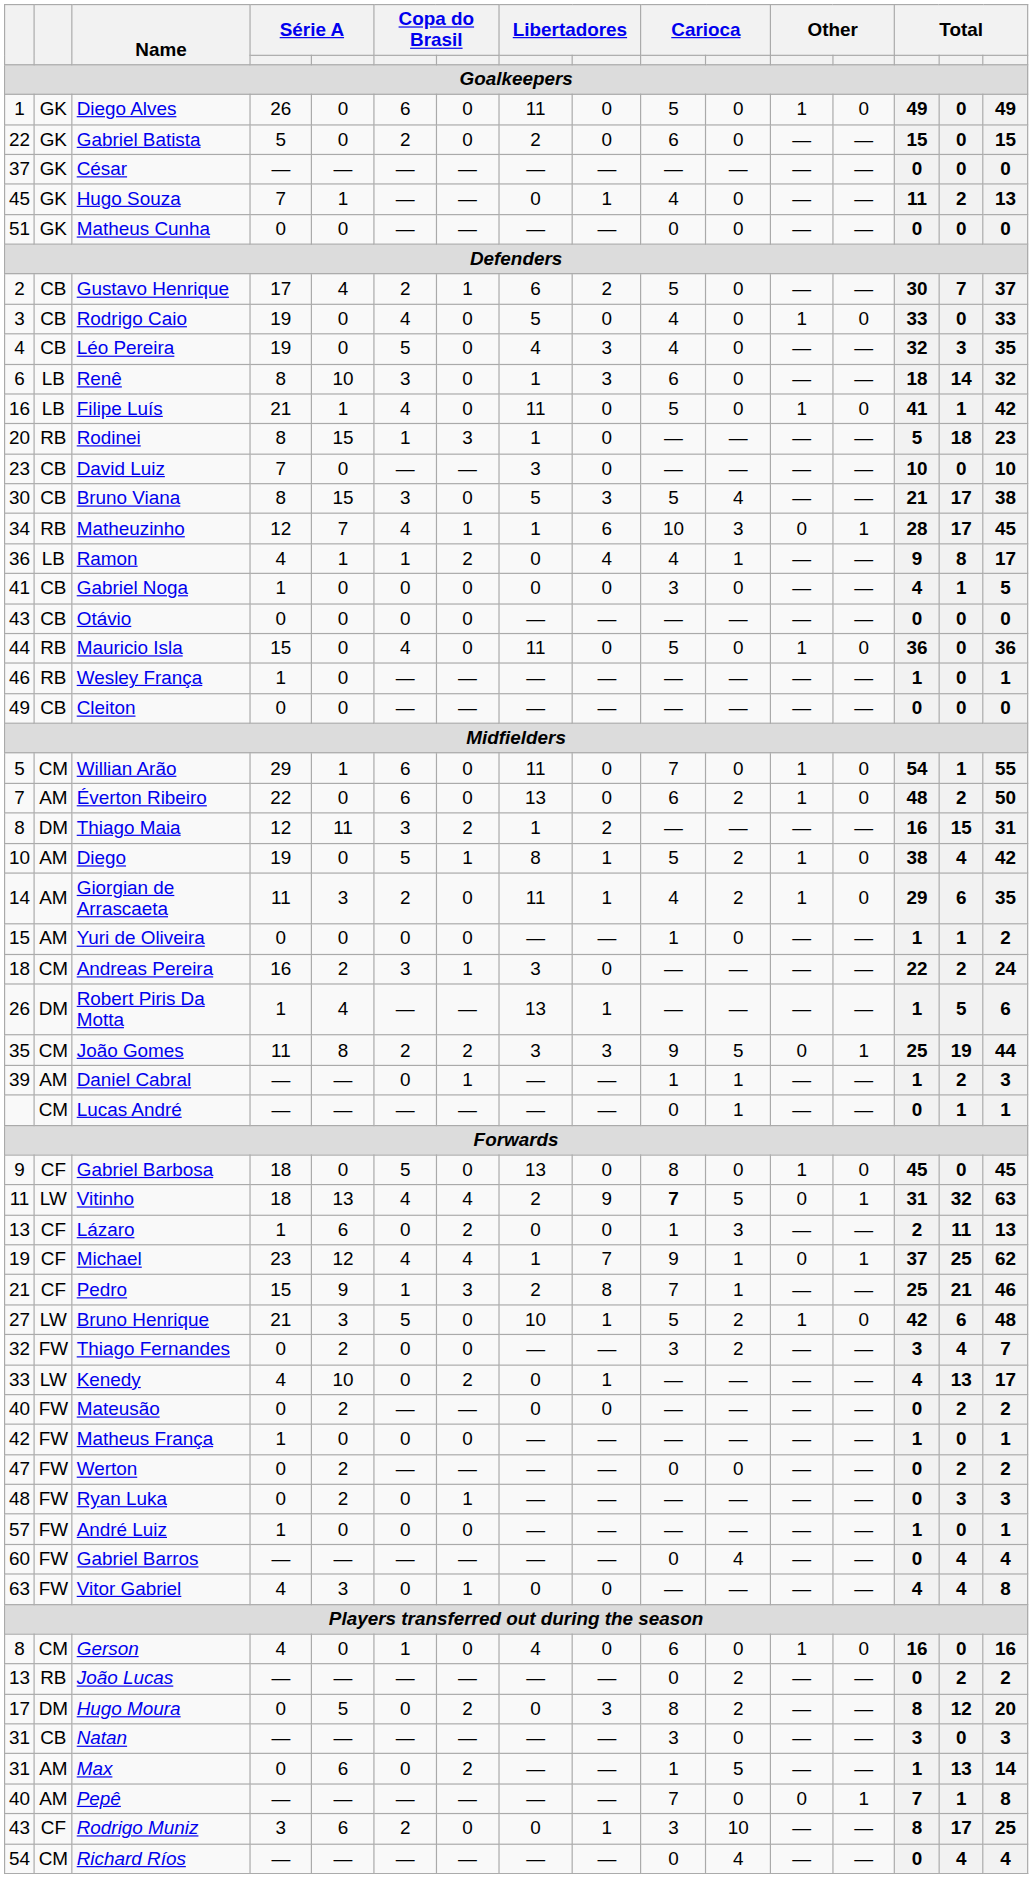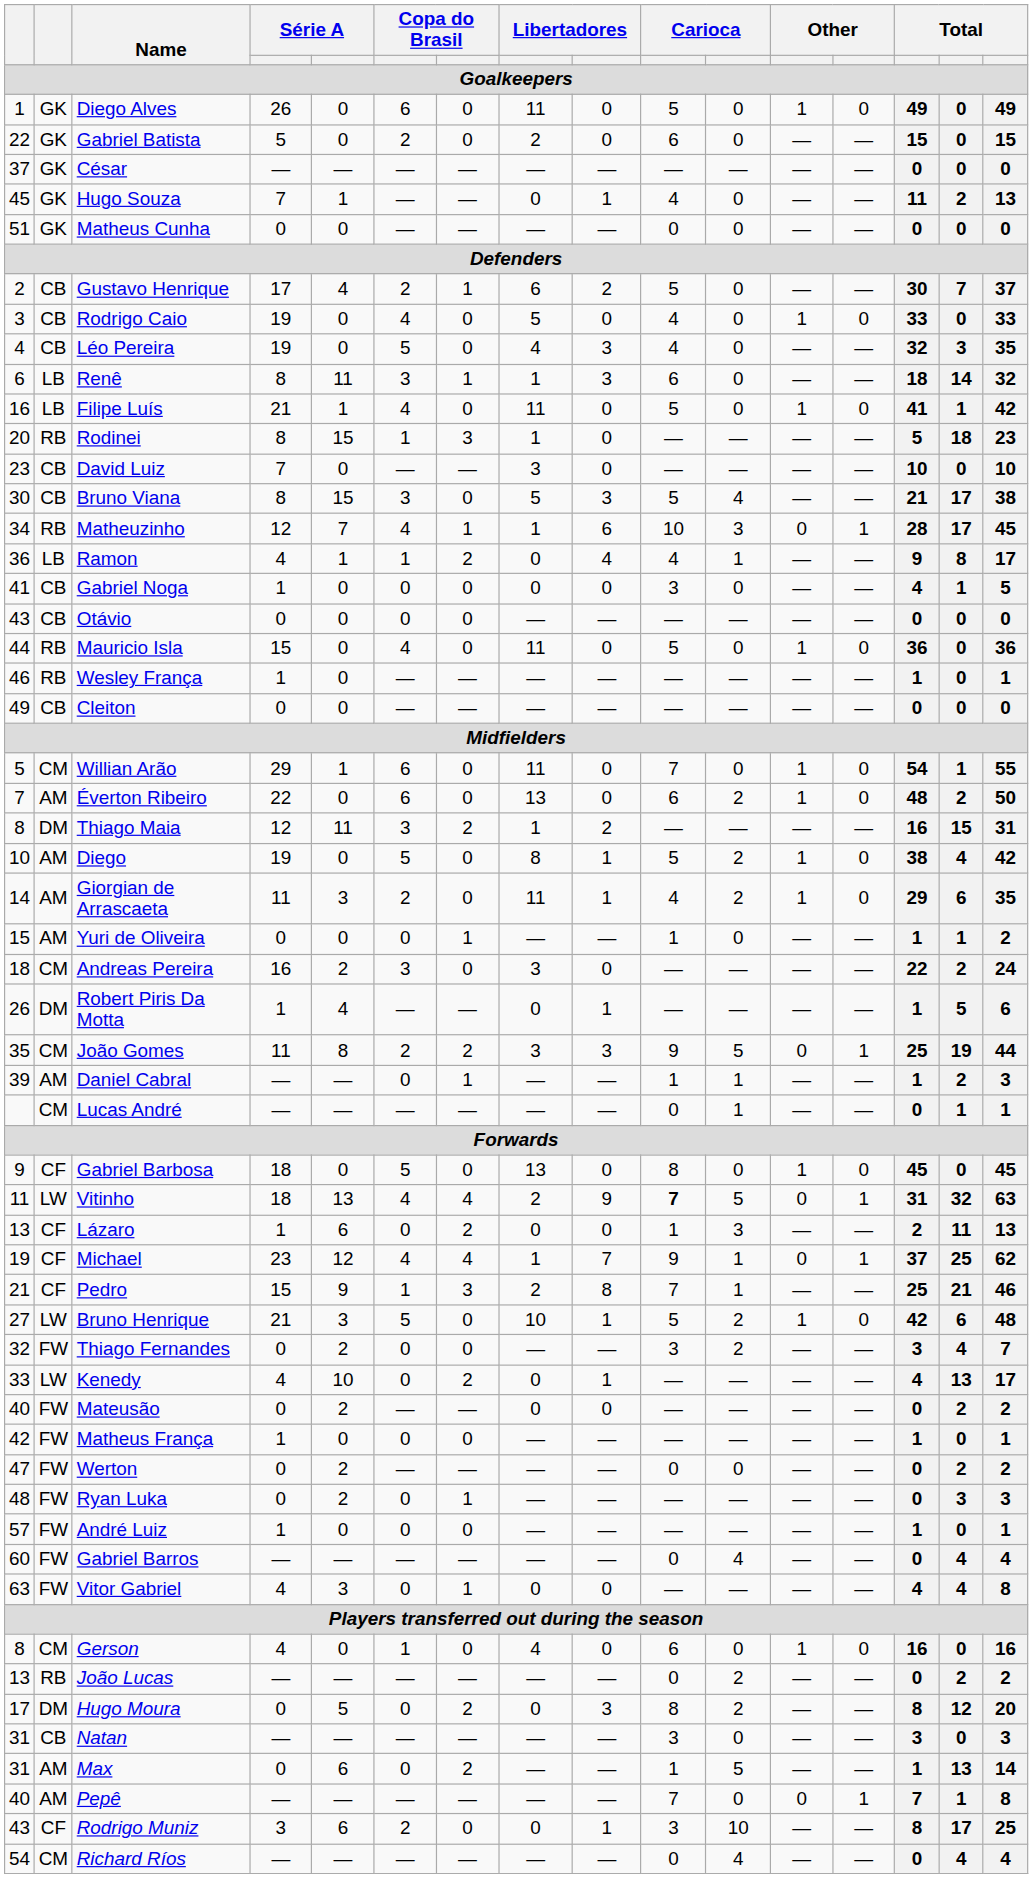 <table class="wikitable sortable" style="text-align:center">
 <tr>
 <th rowspan="2" style="vertical-align:bottom;"></th>
 <th rowspan="2" style="vertical-align:bottom;"></th>
 <th rowspan="2" style="vertical-align:bottom;">Name</th>
 <th colspan="2" style="width:120px;"><a href='#'>Série A</a></th>
 <th colspan="2" style="width:120px;"><a href='#'>Copa do Brasil</a></th>
 <th colspan="2" style="width:120px;"><a href='#'>Libertadores</a></th>
 <th colspan="2" style="width:120px;"><a href='#'>Carioca</a></th>
 <th colspan="2" style="width:120px;">Other</th>
 <th colspan="3" style="width:120px;">Total</th>
 </tr>
 <tr>
 <th></th>
 <th></th>
 <th></th>
 <th></th>
 <th></th>
 <th></th>
 <th></th>
 <th></th>
 <th></th>
 <th></th>
 <th></th>
 <th></th>
 <th></th>
 </tr>
 <tr>
 <th colspan=16 style=background:#dcdcdc; text-align:center><em>Goalkeepers</em></th>
 </tr>
 <tr>
 <td>1</td>
 <td>GK</td>
 <td align="left"> <a href='#'>Diego Alves</a></td>
 <td>26</td>
 <td>0</td>
 <td>6</td>
 <td>0</td>
 <td>11</td>
 <td>0</td>
 <td>5</td>
 <td>0</td>
 <td>1</td>
 <td>0</td>
 <th>49</th>
 <th>0</th>
 <th>49</th>
 </tr>
 <tr>
 <td>22</td>
 <td>GK</td>
 <td align="left"> <a href='#'>Gabriel Batista</a></td>
 <td>5</td>
 <td>0</td>
 <td>2</td>
 <td>0</td>
 <td>2</td>
 <td>0</td>
 <td>6</td>
 <td>0</td>
 <td>—</td>
 <td>—</td>
 <th>15</th>
 <th>0</th>
 <th>15</th>
 </tr>
 <tr>
 <td>37</td>
 <td>GK</td>
 <td align="left"> <a href='#'>César</a></td>
 <td>—</td>
 <td>—</td>
 <td>—</td>
 <td>—</td>
 <td>—</td>
 <td>—</td>
 <td>—</td>
 <td>—</td>
 <td>—</td>
 <td>—</td>
 <th>0</th>
 <th>0</th>
 <th>0</th>
 </tr>
 <tr>
 <td>45</td>
 <td>GK</td>
 <td align="left"> <a href='#'>Hugo Souza</a></td>
 <td>7</td>
 <td>1</td>
 <td>—</td>
 <td>—</td>
 <td>0</td>
 <td>1</td>
 <td>4</td>
 <td>0</td>
 <td>—</td>
 <td>—</td>
 <th>11</th>
 <th>2</th>
 <th>13</th>
 </tr>
 <tr>
 <td>51</td>
 <td>GK</td>
 <td align="left"> <a href='#'>Matheus Cunha</a></td>
 <td>0</td>
 <td>0</td>
 <td>—</td>
 <td>—</td>
 <td>—</td>
 <td>—</td>
 <td>0</td>
 <td>0</td>
 <td>—</td>
 <td>—</td>
 <th>0</th>
 <th>0</th>
 <th>0</th>
 </tr>
 <tr>
 <th colspan="16" style="background:#dcdcdc;" text-align:center><em>Defenders</em></th>
 </tr>
 <tr>
 <td>2</td>
 <td>CB</td>
 <td align="left"> <a href='#'>Gustavo Henrique</a></td>
 <td>17</td>
 <td>4</td>
 <td>2</td>
 <td>1</td>
 <td>6</td>
 <td>2</td>
 <td>5</td>
 <td>0</td>
 <td>—</td>
 <td>—</td>
 <th>30</th>
 <th>7</th>
 <th>37</th>
 </tr>
 <tr>
 <td>3</td>
 <td>CB</td>
 <td align="left"> <a href='#'>Rodrigo Caio</a></td>
 <td>19</td>
 <td>0</td>
 <td>4</td>
 <td>0</td>
 <td>5</td>
 <td>0</td>
 <td>4</td>
 <td>0</td>
 <td>1</td>
 <td>0</td>
 <th>33</th>
 <th>0</th>
 <th>33</th>
 </tr>
 <tr>
 <td>4</td>
 <td>CB</td>
 <td align="left"> <a href='#'>Léo Pereira</a></td>
 <td>19</td>
 <td>0</td>
 <td>5</td>
 <td>0</td>
 <td>4</td>
 <td>3</td>
 <td>4</td>
 <td>0</td>
 <td>—</td>
 <td>—</td>
 <th>32</th>
 <th>3</th>
 <th>35</th>
 </tr>
 <tr>
 <td>6</td>
 <td>LB</td>
 <td align="left"> <a href='#'>Renê</a></td>
 <td>8</td>
-<td>10</td>
+<td>11</td>
 <td>3</td>
-<td>0</td>
+<td>1</td>
 <td>1</td>
 <td>3</td>
 <td>6</td>
 <td>0</td>
 <td>—</td>
 <td>—</td>
 <th>18</th>
 <th>14</th>
 <th>32</th>
 </tr>
 <tr>
 <td>16</td>
 <td>LB</td>
 <td align="left"> <a href='#'>Filipe Luís</a></td>
 <td>21</td>
 <td>1</td>
 <td>4</td>
 <td>0</td>
 <td>11</td>
 <td>0</td>
 <td>5</td>
 <td>0</td>
 <td>1</td>
 <td>0</td>
 <th>41</th>
 <th>1</th>
 <th>42</th>
 </tr>
 <tr>
 <td>20</td>
 <td>RB</td>
 <td align="left"> <a href='#'>Rodinei</a></td>
 <td>8</td>
 <td>15</td>
 <td>1</td>
 <td>3</td>
 <td>1</td>
 <td>0</td>
 <td>—</td>
 <td>—</td>
 <td>—</td>
 <td>—</td>
 <th>5</th>
 <th>18</th>
 <th>23</th>
 </tr>
 <tr>
 <td>23</td>
 <td>CB</td>
 <td align="left"> <a href='#'>David Luiz</a></td>
 <td>7</td>
 <td>0</td>
 <td>—</td>
 <td>—</td>
 <td>3</td>
 <td>0</td>
 <td>—</td>
 <td>—</td>
 <td>—</td>
 <td>—</td>
 <th>10</th>
 <th>0</th>
 <th>10</th>
 </tr>
 <tr>
 <td>30</td>
 <td>CB</td>
 <td align="left"> <a href='#'>Bruno Viana</a></td>
 <td>8</td>
 <td>15</td>
 <td>3</td>
 <td>0</td>
 <td>5</td>
 <td>3</td>
 <td>5</td>
 <td>4</td>
 <td>—</td>
 <td>—</td>
 <th>21</th>
 <th>17</th>
 <th>38</th>
 </tr>
 <tr>
 <td>34</td>
 <td>RB</td>
 <td align="left"> <a href='#'>Matheuzinho</a></td>
 <td>12</td>
 <td>7</td>
 <td>4</td>
 <td>1</td>
 <td>1</td>
 <td>6</td>
 <td>10</td>
 <td>3</td>
 <td>0</td>
 <td>1</td>
 <th>28</th>
 <th>17</th>
 <th>45</th>
 </tr>
 <tr>
 <td>36</td>
 <td>LB</td>
 <td align="left"> <a href='#'>Ramon</a></td>
 <td>4</td>
 <td>1</td>
 <td>1</td>
 <td>2</td>
 <td>0</td>
 <td>4</td>
 <td>4</td>
 <td>1</td>
 <td>—</td>
 <td>—</td>
 <th>9</th>
 <th>8</th>
 <th>17</th>
 </tr>
 <tr>
 <td>41</td>
 <td>CB</td>
 <td align="left"> <a href='#'>Gabriel Noga</a></td>
 <td>1</td>
 <td>0</td>
 <td>0</td>
 <td>0</td>
 <td>0</td>
 <td>0</td>
 <td>3</td>
 <td>0</td>
 <td>—</td>
 <td>—</td>
 <th>4</th>
 <th>1</th>
 <th>5</th>
 </tr>
 <tr>
 <td>43</td>
 <td>CB</td>
 <td align="left"> <a href='#'>Otávio</a></td>
 <td>0</td>
 <td>0</td>
 <td>0</td>
 <td>0</td>
 <td>—</td>
 <td>—</td>
 <td>—</td>
 <td>—</td>
 <td>—</td>
 <td>—</td>
 <th>0</th>
 <th>0</th>
 <th>0</th>
 </tr>
 <tr>
 <td>44</td>
 <td>RB</td>
 <td align="left"> <a href='#'>Mauricio Isla</a></td>
 <td>15</td>
 <td>0</td>
 <td>4</td>
 <td>0</td>
 <td>11</td>
 <td>0</td>
 <td>5</td>
 <td>0</td>
 <td>1</td>
 <td>0</td>
 <th>36</th>
 <th>0</th>
 <th>36</th>
 </tr>
 <tr>
 <td>46</td>
 <td>RB</td>
 <td align="left"> <a href='#'>Wesley França</a></td>
 <td>1</td>
 <td>0</td>
 <td>—</td>
 <td>—</td>
 <td>—</td>
 <td>—</td>
 <td>—</td>
 <td>—</td>
 <td>—</td>
 <td>—</td>
 <th>1</th>
 <th>0</th>
 <th>1</th>
 </tr>
 <tr>
 <td>49</td>
 <td>CB</td>
 <td align="left"> <a href='#'>Cleiton</a></td>
 <td>0</td>
 <td>0</td>
 <td>—</td>
 <td>—</td>
 <td>—</td>
 <td>—</td>
 <td>—</td>
 <td>—</td>
 <td>—</td>
 <td>—</td>
 <th>0</th>
 <th>0</th>
 <th>0</th>
 </tr>
 <tr>
 <th colspan="16" style="background:#dcdcdc;" text-align:center><em>Midfielders</em></th>
 </tr>
 <tr>
 <td>5</td>
 <td>CM</td>
 <td align="left"> <a href='#'>Willian Arão</a></td>
 <td>29</td>
 <td>1</td>
 <td>6</td>
 <td>0</td>
 <td>11</td>
 <td>0</td>
 <td>7</td>
 <td>0</td>
 <td>1</td>
 <td>0</td>
 <th>54</th>
 <th>1</th>
 <th>55</th>
 </tr>
 <tr>
 <td>7</td>
 <td>AM</td>
 <td align="left"> <a href='#'>Éverton Ribeiro</a></td>
 <td>22</td>
 <td>0</td>
 <td>6</td>
 <td>0</td>
 <td>13</td>
 <td>0</td>
 <td>6</td>
 <td>2</td>
 <td>1</td>
 <td>0</td>
 <th>48</th>
 <th>2</th>
 <th>50</th>
 </tr>
 <tr>
 <td>8</td>
 <td>DM</td>
 <td align="left"> <a href='#'>Thiago Maia</a></td>
 <td>12</td>
 <td>11</td>
 <td>3</td>
 <td>2</td>
 <td>1</td>
 <td>2</td>
 <td>—</td>
 <td>—</td>
 <td>—</td>
 <td>—</td>
 <th>16</th>
 <th>15</th>
 <th>31</th>
 </tr>
 <tr>
 <td>10</td>
 <td>AM</td>
 <td align="left"> <a href='#'>Diego</a></td>
 <td>19</td>
 <td>0</td>
 <td>5</td>
-<td>1</td>
+<td>0</td>
 <td>8</td>
 <td>1</td>
 <td>5</td>
 <td>2</td>
 <td>1</td>
 <td>0</td>
 <th>38</th>
 <th>4</th>
 <th>42</th>
 </tr>
 <tr>
 <td>14</td>
 <td>AM</td>
 <td align="left"> <a href='#'>Giorgian de Arrascaeta</a></td>
 <td>11</td>
 <td>3</td>
 <td>2</td>
 <td>0</td>
 <td>11</td>
 <td>1</td>
 <td>4</td>
 <td>2</td>
 <td>1</td>
 <td>0</td>
 <th>29</th>
 <th>6</th>
 <th>35</th>
 </tr>
 <tr>
 <td>15</td>
 <td>AM</td>
 <td align="left"> <a href='#'>Yuri de Oliveira</a></td>
 <td>0</td>
 <td>0</td>
 <td>0</td>
-<td>0</td>
+<td>1</td>
 <td>—</td>
 <td>—</td>
 <td>1</td>
 <td>0</td>
 <td>—</td>
 <td>—</td>
 <th>1</th>
 <th>1</th>
 <th>2</th>
 </tr>
 <tr>
 <td>18</td>
 <td>CM</td>
 <td align="left"> <a href='#'>Andreas Pereira</a></td>
 <td>16</td>
 <td>2</td>
 <td>3</td>
-<td>1</td>
+<td>0</td>
 <td>3</td>
 <td>0</td>
 <td>—</td>
 <td>—</td>
 <td>—</td>
 <td>—</td>
 <th>22</th>
 <th>2</th>
 <th>24</th>
 </tr>
 <tr>
 <td>26</td>
 <td>DM</td>
 <td align="left"> <a href='#'>Robert Piris Da Motta</a></td>
 <td>1</td>
 <td>4</td>
 <td>—</td>
 <td>—</td>
-<td>13</td>
+<td>0</td>
 <td>1</td>
 <td>—</td>
 <td>—</td>
 <td>—</td>
 <td>—</td>
 <th>1</th>
 <th>5</th>
 <th>6</th>
 </tr>
 <tr>
 <td>35</td>
 <td>CM</td>
 <td align="left"> <a href='#'>João Gomes</a></td>
 <td>11</td>
 <td>8</td>
 <td>2</td>
 <td>2</td>
 <td>3</td>
 <td>3</td>
 <td>9</td>
 <td>5</td>
 <td>0</td>
 <td>1</td>
 <th>25</th>
 <th>19</th>
 <th>44</th>
 </tr>
 <tr>
 <td>39</td>
 <td>AM</td>
 <td align="left"> <a href='#'>Daniel Cabral</a></td>
 <td>—</td>
 <td>—</td>
 <td>0</td>
 <td>1</td>
 <td>—</td>
 <td>—</td>
 <td>1</td>
 <td>1</td>
 <td>—</td>
 <td>—</td>
 <th>1</th>
 <th>2</th>
 <th>3</th>
 </tr>
 <tr>
 <td></td>
 <td>CM</td>
 <td align="left"> <a href='#'>Lucas André</a></td>
 <td>—</td>
 <td>—</td>
 <td>—</td>
 <td>—</td>
 <td>—</td>
 <td>—</td>
 <td>0</td>
 <td>1</td>
 <td>—</td>
 <td>—</td>
 <th>0</th>
 <th>1</th>
 <th>1</th>
 </tr>
 <tr>
 <th colspan="16" style="background:#dcdcdc;" text-align:center><em>Forwards</em></th>
 </tr>
 <tr>
 <td>9</td>
 <td>CF</td>
 <td align="left"> <a href='#'>Gabriel Barbosa</a></td>
 <td>18</td>
 <td>0</td>
 <td>5</td>
 <td>0</td>
 <td>13</td>
 <td>0</td>
 <td>8</td>
 <td>0</td>
 <td>1</td>
 <td>0</td>
 <th>45</th>
 <th>0</th>
 <th>45</th>
 </tr>
 <tr>
 <td>11</td>
 <td>LW</td>
 <td align="left"> <a href='#'>Vitinho</a></td>
 <td>18</td>
 <td>13</td>
 <td>4</td>
 <td>4</td>
 <td>2</td>
 <td>9</td>
 <td><strong>7</strong></td>
 <td>5</td>
 <td>0</td>
 <td>1</td>
 <th>31</th>
 <th>32</th>
 <th>63</th>
 </tr>
 <tr>
 <td>13</td>
 <td>CF</td>
 <td align="left"> <a href='#'>Lázaro</a></td>
 <td>1</td>
 <td>6</td>
 <td>0</td>
 <td>2</td>
 <td>0</td>
 <td>0</td>
 <td>1</td>
 <td>3</td>
 <td>—</td>
 <td>—</td>
 <th>2</th>
 <th>11</th>
 <th>13</th>
 </tr>
 <tr>
 <td>19</td>
 <td>CF</td>
 <td align="left"> <a href='#'>Michael</a></td>
 <td>23</td>
 <td>12</td>
 <td>4</td>
 <td>4</td>
 <td>1</td>
 <td>7</td>
 <td>9</td>
 <td>1</td>
 <td>0</td>
 <td>1</td>
 <th>37</th>
 <th>25</th>
 <th>62</th>
 </tr>
 <tr>
 <td>21</td>
 <td>CF</td>
 <td align="left"> <a href='#'>Pedro</a></td>
 <td>15</td>
 <td>9</td>
 <td>1</td>
 <td>3</td>
 <td>2</td>
 <td>8</td>
 <td>7</td>
 <td>1</td>
 <td>—</td>
 <td>—</td>
 <th>25</th>
 <th>21</th>
 <th>46</th>
 </tr>
 <tr>
 <td>27</td>
 <td>LW</td>
 <td align="left"> <a href='#'>Bruno Henrique</a></td>
 <td>21</td>
 <td>3</td>
 <td>5</td>
 <td>0</td>
 <td>10</td>
 <td>1</td>
 <td>5</td>
 <td>2</td>
 <td>1</td>
 <td>0</td>
 <th>42</th>
 <th>6</th>
 <th>48</th>
 </tr>
 <tr>
 <td>32</td>
 <td>FW</td>
 <td align="left"> <a href='#'>Thiago Fernandes</a></td>
 <td>0</td>
 <td>2</td>
 <td>0</td>
 <td>0</td>
 <td>—</td>
 <td>—</td>
 <td>3</td>
 <td>2</td>
 <td>—</td>
 <td>—</td>
 <th>3</th>
 <th>4</th>
 <th>7</th>
 </tr>
 <tr>
 <td>33</td>
 <td>LW</td>
 <td align="left"> <a href='#'>Kenedy</a></td>
 <td>4</td>
 <td>10</td>
 <td>0</td>
 <td>2</td>
 <td>0</td>
 <td>1</td>
 <td>—</td>
 <td>—</td>
 <td>—</td>
 <td>—</td>
 <th>4</th>
 <th>13</th>
 <th>17</th>
 </tr>
 <tr>
 <td>40</td>
 <td>FW</td>
 <td align="left"> <a href='#'>Mateusão</a></td>
 <td>0</td>
 <td>2</td>
 <td>—</td>
 <td>—</td>
 <td>0</td>
 <td>0</td>
 <td>—</td>
 <td>—</td>
 <td>—</td>
 <td>—</td>
 <th>0</th>
 <th>2</th>
 <th>2</th>
 </tr>
 <tr>
 <td>42</td>
 <td>FW</td>
 <td align="left"> <a href='#'>Matheus França</a></td>
 <td>1</td>
 <td>0</td>
 <td>0</td>
 <td>0</td>
 <td>—</td>
 <td>—</td>
 <td>—</td>
 <td>—</td>
 <td>—</td>
 <td>—</td>
 <th>1</th>
 <th>0</th>
 <th>1</th>
 </tr>
 <tr>
 <td>47</td>
 <td>FW</td>
 <td align="left"> <a href='#'>Werton</a></td>
 <td>0</td>
 <td>2</td>
 <td>—</td>
 <td>—</td>
 <td>—</td>
 <td>—</td>
 <td>0</td>
 <td>0</td>
 <td>—</td>
 <td>—</td>
 <th>0</th>
 <th>2</th>
 <th>2</th>
 </tr>
 <tr>
 <td>48</td>
 <td>FW</td>
 <td align="left"> <a href='#'>Ryan Luka</a></td>
 <td>0</td>
 <td>2</td>
 <td>0</td>
 <td>1</td>
 <td>—</td>
 <td>—</td>
 <td>—</td>
 <td>—</td>
 <td>—</td>
 <td>—</td>
 <th>0</th>
 <th>3</th>
 <th>3</th>
 </tr>
 <tr>
 <td>57</td>
 <td>FW</td>
 <td align="left"> <a href='#'>André Luiz</a></td>
 <td>1</td>
 <td>0</td>
 <td>0</td>
 <td>0</td>
 <td>—</td>
 <td>—</td>
 <td>—</td>
 <td>—</td>
 <td>—</td>
 <td>—</td>
 <th>1</th>
 <th>0</th>
 <th>1</th>
 </tr>
 <tr>
 <td>60</td>
 <td>FW</td>
 <td align="left"> <a href='#'>Gabriel Barros</a></td>
 <td>—</td>
 <td>—</td>
 <td>—</td>
 <td>—</td>
 <td>—</td>
 <td>—</td>
 <td>0</td>
 <td>4</td>
 <td>—</td>
 <td>—</td>
 <th>0</th>
 <th>4</th>
 <th>4</th>
 </tr>
 <tr>
 <td>63</td>
 <td>FW</td>
 <td align="left"> <a href='#'>Vitor Gabriel</a></td>
 <td>4</td>
 <td>3</td>
 <td>0</td>
 <td>1</td>
 <td>0</td>
 <td>0</td>
 <td>—</td>
 <td>—</td>
 <td>—</td>
 <td>—</td>
 <th>4</th>
 <th>4</th>
 <th>8</th>
 </tr>
 <tr>
 <th colspan="16" style="background:#dcdcdc;" text-align:center><em>Players transferred out during the season</em></th>
 </tr>
 <tr>
 <td>8</td>
 <td>CM</td>
 <td align="left"> <em><a href='#'>Gerson</a></em></td>
 <td>4</td>
 <td>0</td>
 <td>1</td>
 <td>0</td>
 <td>4</td>
 <td>0</td>
 <td>6</td>
 <td>0</td>
 <td>1</td>
 <td>0</td>
 <th>16</th>
 <th>0</th>
 <th>16</th>
 </tr>
 <tr>
 <td>13</td>
 <td>RB</td>
 <td align="left"> <em><a href='#'>João Lucas</a></em></td>
 <td>—</td>
 <td>—</td>
 <td>—</td>
 <td>—</td>
 <td>—</td>
 <td>—</td>
 <td>0</td>
 <td>2</td>
 <td>—</td>
 <td>—</td>
 <th>0</th>
 <th>2</th>
 <th>2</th>
 </tr>
 <tr>
 <td>17</td>
 <td>DM</td>
 <td align="left"> <em><a href='#'>Hugo Moura</a></em></td>
 <td>0</td>
 <td>5</td>
 <td>0</td>
 <td>2</td>
 <td>0</td>
 <td>3</td>
 <td>8</td>
 <td>2</td>
 <td>—</td>
 <td>—</td>
 <th>8</th>
 <th>12</th>
 <th>20</th>
 </tr>
 <tr>
 <td>31</td>
 <td>CB</td>
 <td align="left"> <em><a href='#'>Natan</a></em></td>
 <td>—</td>
 <td>—</td>
 <td>—</td>
 <td>—</td>
 <td>—</td>
 <td>—</td>
 <td>3</td>
 <td>0</td>
 <td>—</td>
 <td>—</td>
 <th>3</th>
 <th>0</th>
 <th>3</th>
 </tr>
 <tr>
 <td>31</td>
 <td>AM</td>
 <td align="left"> <em><a href='#'>Max</a></em></td>
 <td>0</td>
 <td>6</td>
 <td>0</td>
 <td>2</td>
 <td>—</td>
 <td>—</td>
 <td>1</td>
 <td>5</td>
 <td>—</td>
 <td>—</td>
 <th>1</th>
 <th>13</th>
 <th>14</th>
 </tr>
 <tr>
 <td>40</td>
 <td>AM</td>
 <td align="left"> <em><a href='#'>Pepê</a></em></td>
 <td>—</td>
 <td>—</td>
 <td>—</td>
 <td>—</td>
 <td>—</td>
 <td>—</td>
 <td>7</td>
 <td>0</td>
 <td>0</td>
 <td>1</td>
 <th>7</th>
 <th>1</th>
 <th>8</th>
 </tr>
 <tr>
 <td>43</td>
 <td>CF</td>
 <td align="left"> <em><a href='#'>Rodrigo Muniz</a></em></td>
 <td>3</td>
 <td>6</td>
 <td>2</td>
 <td>0</td>
 <td>0</td>
 <td>1</td>
 <td>3</td>
 <td>10</td>
 <td>—</td>
 <td>—</td>
 <th>8</th>
 <th>17</th>
 <th>25</th>
 </tr>
 <tr>
 <td>54</td>
 <td>CM</td>
 <td align="left"> <em><a href='#'>Richard Ríos</a></em></td>
 <td>—</td>
 <td>—</td>
 <td>—</td>
 <td>—</td>
 <td>—</td>
 <td>—</td>
 <td>0</td>
 <td>4</td>
 <td>—</td>
 <td>—</td>
 <th>0</th>
 <th>4</th>
 <th>4</th>
 </tr>
 <tr>
 </tr>
 </table>
